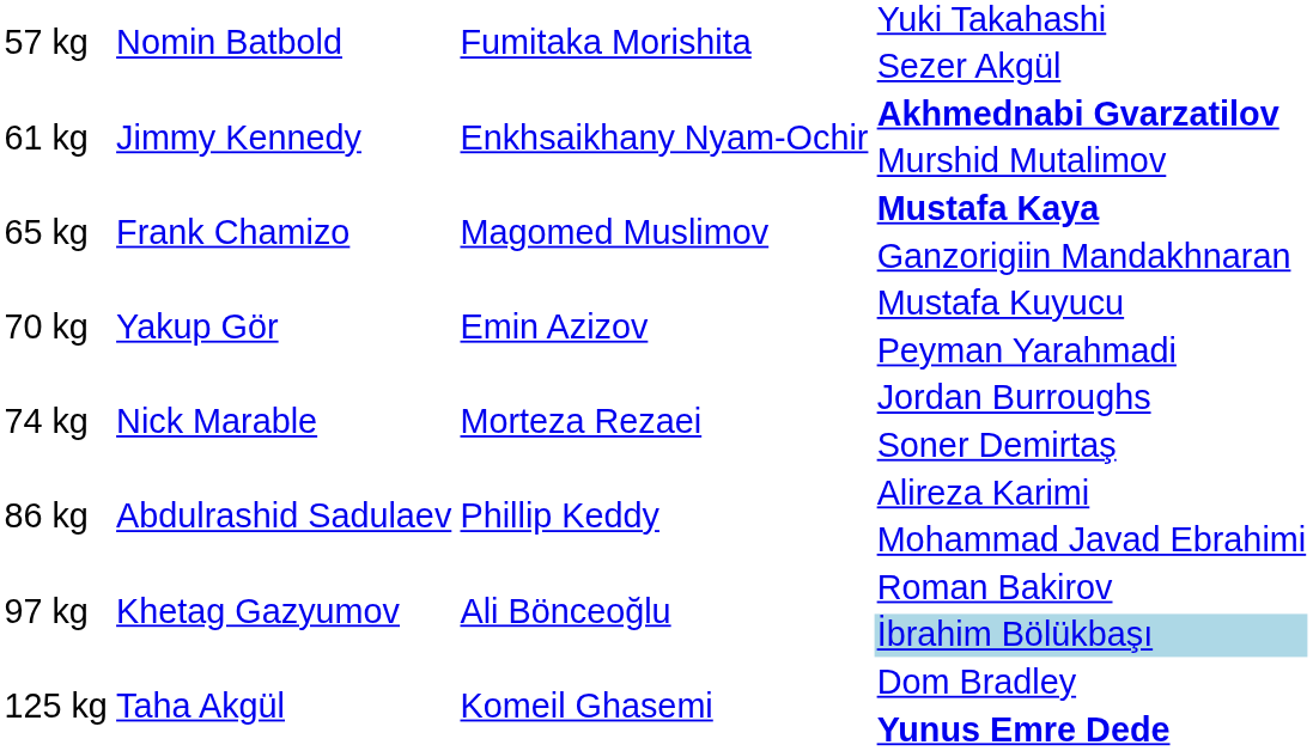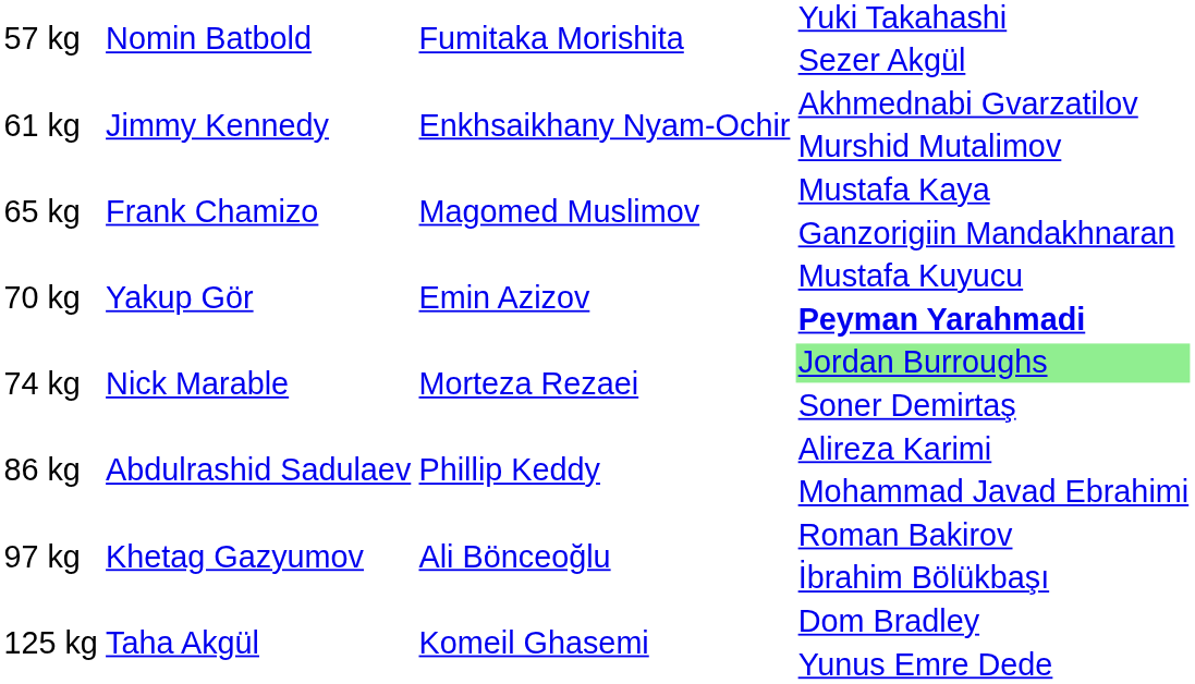 <table>
 <tr>
 <td rowspan=2>57 kg</td>
 <td rowspan=2> <a href='#'>Nomin Batbold</a></td>
 <td rowspan=2> <a href='#'>Fumitaka Morishita</a></td>
 <td> <a href='#'>Yuki Takahashi</a></td>
 </tr>
 <tr>
 <td> <a href='#'>Sezer Akgül</a></td>
 </tr>
 <tr>
 <td rowspan=2>61 kg</td>
 <td rowspan=2> <a href='#'>Jimmy Kennedy</a></td>
 <td rowspan=2> <a href='#'>Enkhsaikhany Nyam-Ochir</a></td>
-<td><strong> <a href='#'>Akhmednabi Gvarzatilov</a></strong></td>
+<td> <a href='#'>Akhmednabi Gvarzatilov</a></td>
 </tr>
 <tr>
 <td> <a href='#'>Murshid Mutalimov</a></td>
 </tr>
 <tr>
 <td rowspan=2>65 kg</td>
 <td rowspan=2> <a href='#'>Frank Chamizo</a></td>
 <td rowspan=2> <a href='#'>Magomed Muslimov</a></td>
-<td><strong> <a href='#'>Mustafa Kaya</a></strong></td>
+<td> <a href='#'>Mustafa Kaya</a></td>
 </tr>
 <tr>
 <td> <a href='#'>Ganzorigiin Mandakhnaran</a></td>
 </tr>
 <tr>
 <td rowspan=2>70 kg</td>
 <td rowspan=2> <a href='#'>Yakup Gör</a></td>
 <td rowspan=2> <a href='#'>Emin Azizov</a></td>
 <td> <a href='#'>Mustafa Kuyucu</a></td>
 </tr>
 <tr>
-<td> <a href='#'>Peyman Yarahmadi</a></td>
+<td><strong> <a href='#'>Peyman Yarahmadi</a></strong></td>
 </tr>
 <tr>
 <td rowspan=2>74 kg</td>
 <td rowspan=2> <a href='#'>Nick Marable</a></td>
 <td rowspan=2> <a href='#'>Morteza Rezaei</a></td>
-<td> <a href='#'>Jordan Burroughs</a></td>
+<td style="background: lightgreen;"> <a href='#'>Jordan Burroughs</a></td>
 </tr>
 <tr>
 <td> <a href='#'>Soner Demirtaş</a></td>
 </tr>
 <tr>
 <td rowspan=2>86 kg</td>
 <td rowspan=2> <a href='#'>Abdulrashid Sadulaev</a></td>
 <td rowspan=2> <a href='#'>Phillip Keddy</a></td>
 <td> <a href='#'>Alireza Karimi</a></td>
 </tr>
 <tr>
 <td> <a href='#'>Mohammad Javad Ebrahimi</a></td>
 </tr>
 <tr>
 <td rowspan=2>97 kg</td>
 <td rowspan=2> <a href='#'>Khetag Gazyumov</a></td>
 <td rowspan=2> <a href='#'>Ali Bönceoğlu</a></td>
 <td> <a href='#'>Roman Bakirov</a></td>
 </tr>
 <tr>
-<td style="background: lightblue;"> <a href='#'>İbrahim Bölükbaşı</a></td>
+<td> <a href='#'>İbrahim Bölükbaşı</a></td>
 </tr>
 <tr>
 <td rowspan=2>125 kg</td>
 <td rowspan=2> <a href='#'>Taha Akgül</a></td>
 <td rowspan=2> <a href='#'>Komeil Ghasemi</a></td>
 <td> <a href='#'>Dom Bradley</a></td>
 </tr>
 <tr>
-<td><strong> <a href='#'>Yunus Emre Dede</a></strong></td>
+<td> <a href='#'>Yunus Emre Dede</a></td>
 </tr>
 <tr>
 </tr>
 </table>
